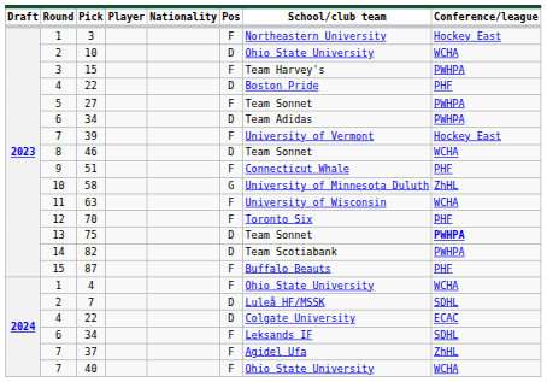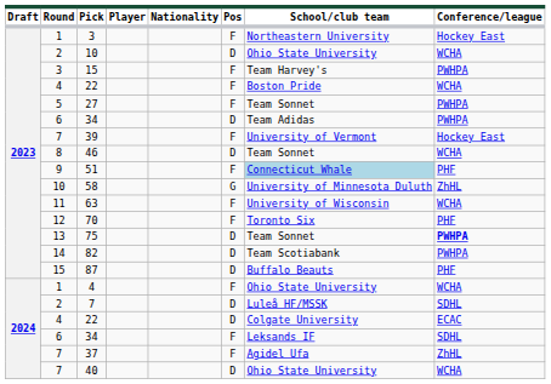 <table class="wikitable sortable plainrowheaders" style="text-align:center;">
 <tr style="background-color:#fff; border-top:#164E36 5px solid; border-bottom:#C3C6CC 5px solid;">
 <th style="background-color:#fff;" scope="col">Draft</th>
 <th style="background-color:#fff;" scope="col" data-sort-type="number">Round</th>
 <th style="background-color:#fff;" scope="col" data-sort-type="number">Pick</th>
 <th style="background-color:#fff;" scope="col">Player</th>
 <th style="background-color:#fff;" scope="col">Nationality</th>
 <th style="background-color:#fff;" scope="col">Pos</th>
 <th style="background-color:#fff;" scope="col;">School/club team</th>
 <th style="background-color:#fff;" scope="col">Conference/league</th>
 </tr>
 <tr>
 <th scope="rowgroup" rowspan="15"><a href='#'>2023</a></th>
 <td>1</td>
 <td>3</td>
 <td align="left"></td>
 <td align="left"></td>
 <td>F</td>
 <td align="left"><a href='#'>Northeastern University</a></td>
 <td align="left"><a href='#'>Hockey East</a></td>
 </tr>
 <tr>
 <td>2</td>
 <td>10</td>
 <td align="left"></td>
 <td align="left"></td>
 <td>D</td>
 <td align="left"><a href='#'>Ohio State University</a></td>
 <td align="left"><a href='#'>WCHA</a></td>
 </tr>
 <tr>
 <td>3</td>
 <td>15</td>
 <td align="left"></td>
 <td align="left"></td>
 <td>F</td>
 <td align="left">Team Harvey's</td>
 <td align="left"><a href='#'>PWHPA</a></td>
 </tr>
 <tr>
 <td>4</td>
 <td>22</td>
 <td align="left"></td>
 <td align="left"></td>
-<td>D</td>
+<td>F</td>
 <td align="left"><a href='#'>Boston Pride</a></td>
-<td align="left"><a href='#'>PHF</a></td>
+<td align="left"><a href='#'>WCHA</a></td>
 </tr>
 <tr>
 <td>5</td>
 <td>27</td>
 <td align="left"></td>
 <td align="left"></td>
 <td>F</td>
 <td align="left">Team Sonnet</td>
 <td align="left"><a href='#'>PWHPA</a></td>
 </tr>
 <tr>
 <td>6</td>
 <td>34</td>
 <td align="left"></td>
 <td align="left"></td>
 <td>D</td>
 <td align="left">Team Adidas</td>
 <td align="left"><a href='#'>PWHPA</a></td>
 </tr>
 <tr>
 <td>7</td>
 <td>39</td>
 <td align="left"></td>
 <td align="left"></td>
 <td>F</td>
 <td align="left"><a href='#'>University of Vermont</a></td>
 <td align="left"><a href='#'>Hockey East</a></td>
 </tr>
 <tr>
 <td>8</td>
 <td>46</td>
 <td align="left"></td>
 <td align="left"></td>
 <td>D</td>
 <td align="left">Team Sonnet</td>
 <td align="left"><a href='#'>WCHA</a></td>
 </tr>
 <tr>
 <td>9</td>
 <td>51</td>
 <td align="left"></td>
 <td align="left"></td>
 <td>F</td>
-<td align="left"><a href='#'>Connecticut Whale</a></td>
+<td align="left" style="background: lightblue;"><a href='#'>Connecticut Whale</a></td>
 <td align="left"><a href='#'>PHF</a></td>
 </tr>
 <tr>
 <td>10</td>
 <td>58</td>
 <td align="left"></td>
 <td align="left"></td>
 <td>G</td>
 <td align="left"><a href='#'>University of Minnesota Duluth</a></td>
 <td align="left"><a href='#'>ZhHL</a></td>
 </tr>
 <tr>
 <td>11</td>
 <td>63</td>
 <td align="left"></td>
 <td align="left"></td>
 <td>F</td>
 <td align="left"><a href='#'>University of Wisconsin</a></td>
 <td align="left"><a href='#'>WCHA</a></td>
 </tr>
 <tr>
 <td>12</td>
 <td>70</td>
 <td align="left"></td>
 <td align="left"></td>
 <td>F</td>
 <td align="left"><a href='#'>Toronto Six</a></td>
 <td align="left"><a href='#'>PHF</a></td>
 </tr>
 <tr>
 <td>13</td>
 <td>75</td>
 <td align="left"></td>
 <td align="left"></td>
 <td>D</td>
 <td align="left">Team Sonnet</td>
 <td align="left"><strong><a href='#'>PWHPA</a></strong></td>
 </tr>
 <tr>
 <td>14</td>
 <td>82</td>
 <td align="left"></td>
 <td align="left"></td>
 <td>D</td>
 <td align="left">Team Scotiabank</td>
 <td align="left"><a href='#'>PWHPA</a></td>
 </tr>
 <tr>
 <td>15</td>
 <td>87</td>
 <td align="left"></td>
 <td align="left"></td>
-<td>F</td>
+<td>D</td>
 <td align="left"><a href='#'>Buffalo Beauts</a></td>
 <td align="left"><a href='#'>PHF</a></td>
 </tr>
 <tr>
 <th scope="rowgroup" rowspan="6"><a href='#'>2024</a></th>
 <td>1</td>
 <td>4</td>
 <td align="left"></td>
 <td align="left"></td>
 <td>F</td>
 <td align="left"><a href='#'>Ohio State University</a></td>
 <td align="left"><a href='#'>WCHA</a></td>
 </tr>
 <tr>
 <td>2</td>
 <td>7</td>
 <td align="left"></td>
 <td align="left"></td>
 <td>D</td>
 <td align="left"><a href='#'>Luleå HF/MSSK</a></td>
 <td align="left"><a href='#'>SDHL</a></td>
 </tr>
 <tr>
 <td>4</td>
 <td>22</td>
 <td align="left"></td>
 <td align="left"></td>
 <td>D</td>
 <td align="left"><a href='#'>Colgate University</a></td>
 <td align="left"><a href='#'>ECAC</a></td>
 </tr>
 <tr>
 <td>6</td>
 <td>34</td>
 <td align="left"></td>
 <td align="left"></td>
 <td>F</td>
 <td align="left"><a href='#'>Leksands IF</a></td>
 <td align="left"><a href='#'>SDHL</a></td>
 </tr>
 <tr>
 <td>7</td>
 <td>37</td>
 <td align="left"></td>
 <td align="left"></td>
 <td>F</td>
 <td align="left"><a href='#'>Agidel Ufa</a></td>
 <td align="left"><a href='#'>ZhHL</a></td>
 </tr>
 <tr>
 <td>7</td>
 <td>40</td>
 <td align="left"></td>
 <td align="left"></td>
-<td>F</td>
+<td>D</td>
 <td align="left"><a href='#'>Ohio State University</a></td>
 <td align="left"><a href='#'>WCHA</a></td>
 </tr>
 </table>
